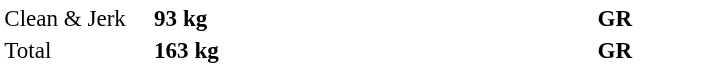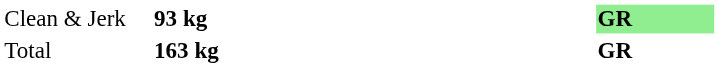 <table>
 <tr>
 <th width=100></th>
 <th width=100></th>
 <th width=200></th>
 <th width=80></th>
 </tr>
 <tr>
 <td>Clean & Jerk</td>
 <td><strong>93 kg</strong></td>
 <td></td>
-<td><strong>GR</strong></td>
+<td style="background: lightgreen;"><strong>GR</strong></td>
 </tr>
 <tr>
 <td>Total</td>
 <td><strong>163 kg</strong></td>
 <td></td>
 <td><strong>GR</strong></td>
 </tr>
 </table>
